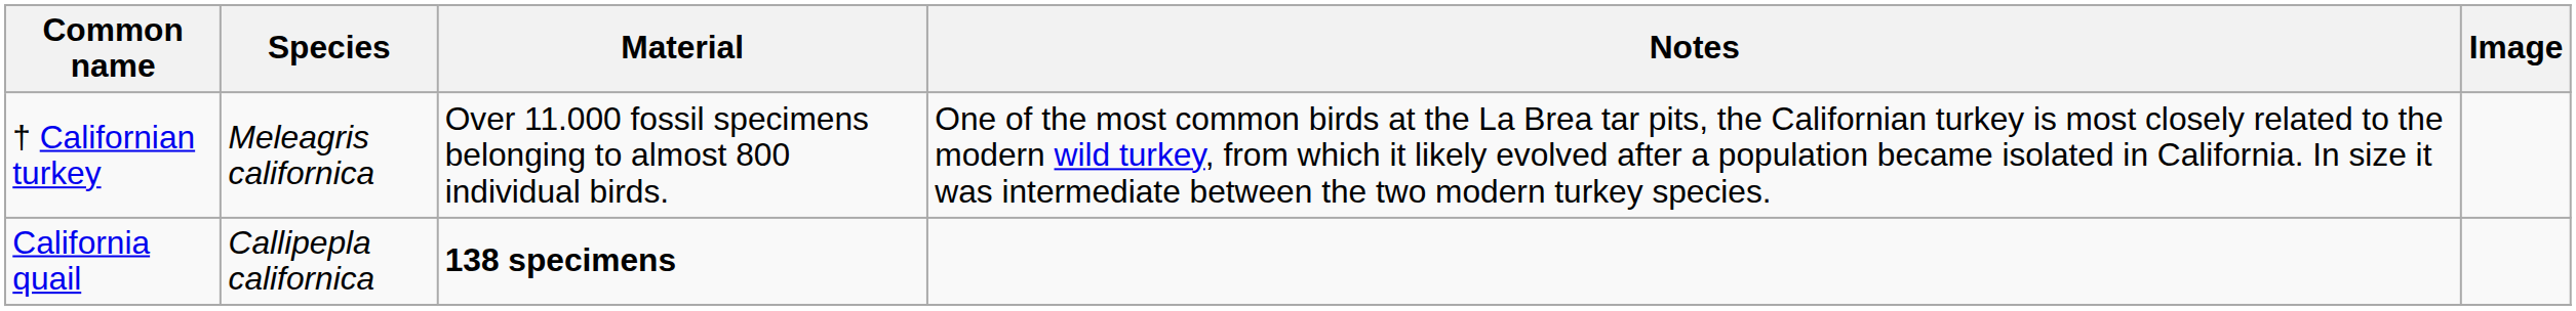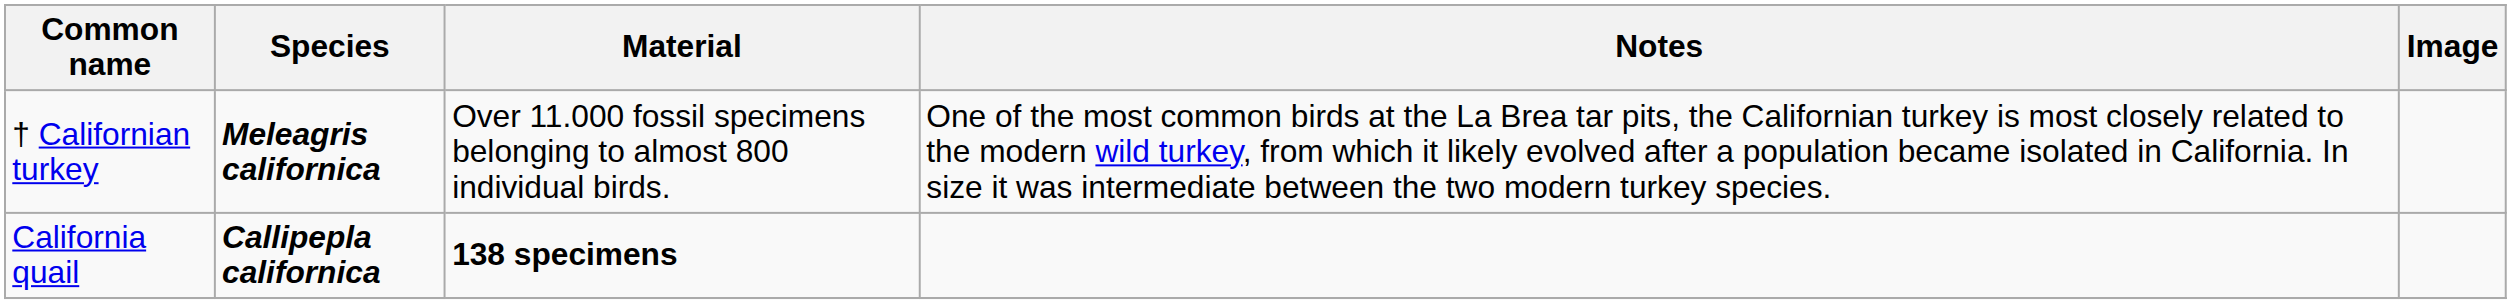 <table class="wikitable" align="center" width="100%">
 <tr>
 <th>Common name</th>
 <th>Species</th>
 <th>Material</th>
 <th>Notes</th>
 <th>Image</th>
 </tr>
 <tr>
 <td>† <a href='#'>Californian turkey</a></td>
-<td><em>Meleagris californica</em></td>
+<td><strong><em>Meleagris californica</em></strong></td>
 <td>Over 11.000 fossil specimens belonging to almost 800 individual birds.</td>
 <td>One of the most common birds at the La Brea tar pits, the Californian turkey is most closely related to the modern <a href='#'>wild turkey</a>, from which it likely evolved after a population became isolated in California. In size it was intermediate between the two modern turkey species.</td>
 <td></td>
 </tr>
 <tr>
 <td><a href='#'>California quail</a></td>
-<td><em>Callipepla californica</em></td>
+<td><strong><em>Callipepla californica</em></strong></td>
 <td><strong>138 specimens</strong></td>
 <td></td>
 <td></td>
 </tr>
 <tr>
 </tr>
 </table>
